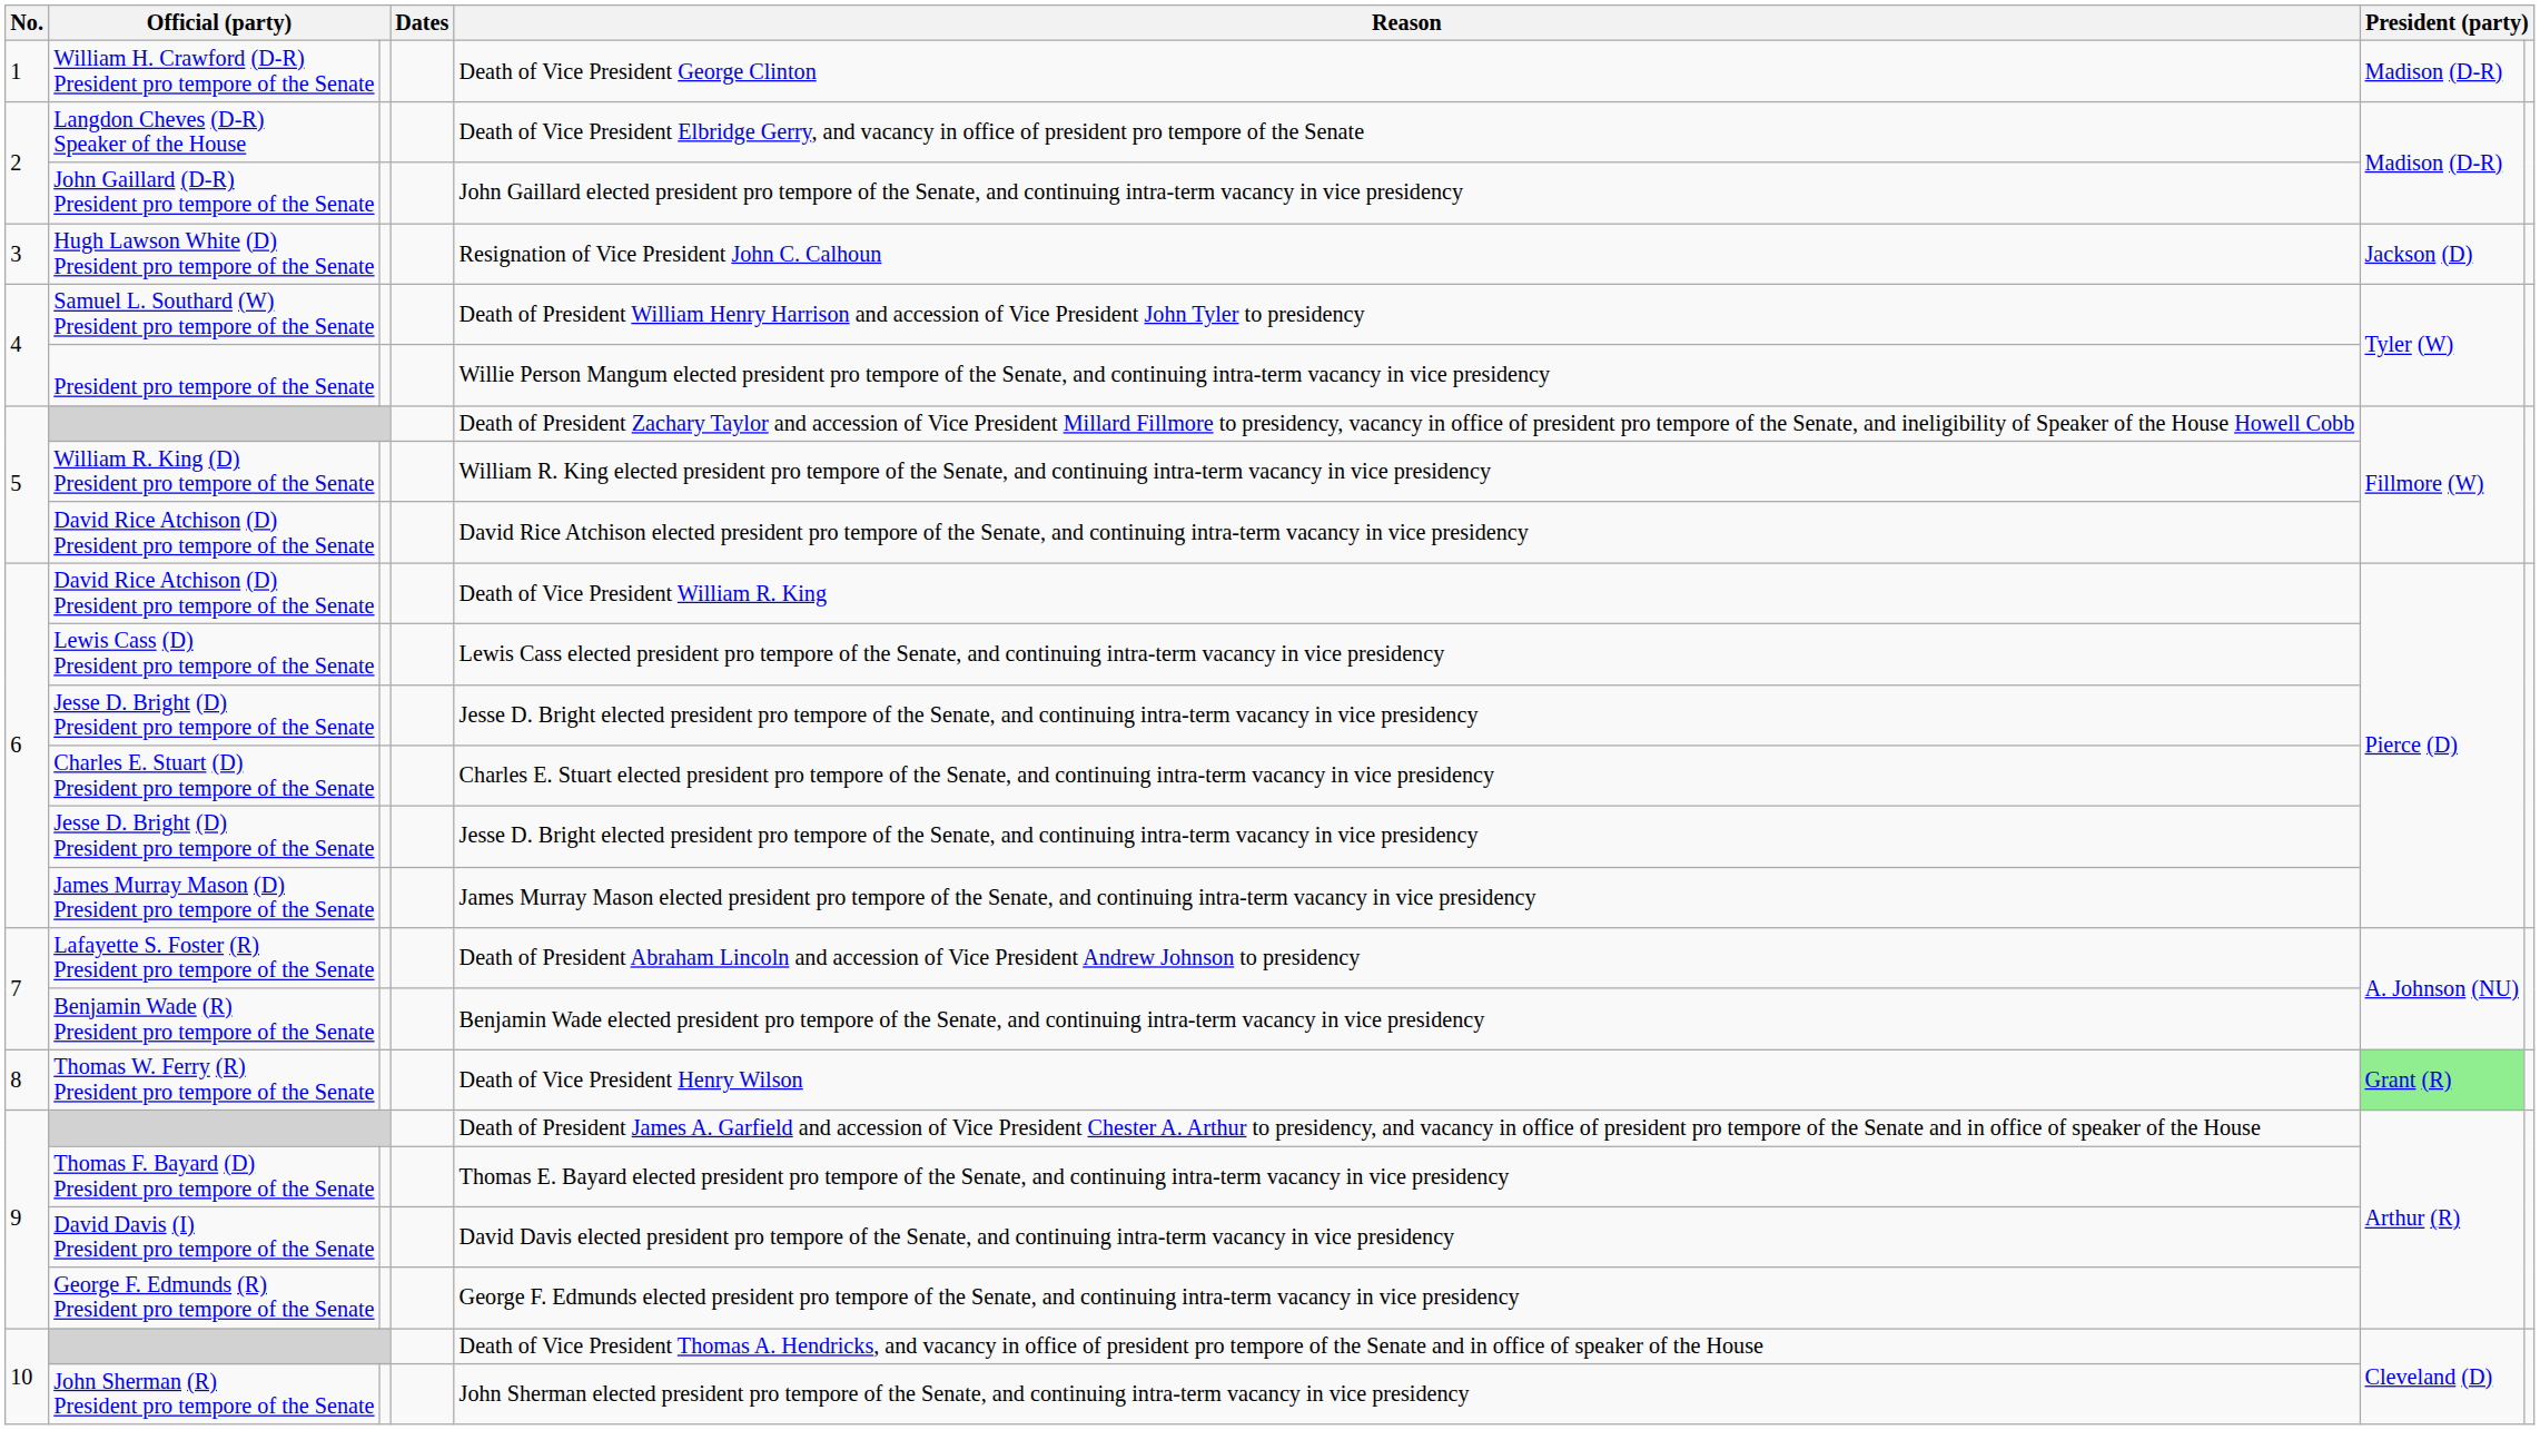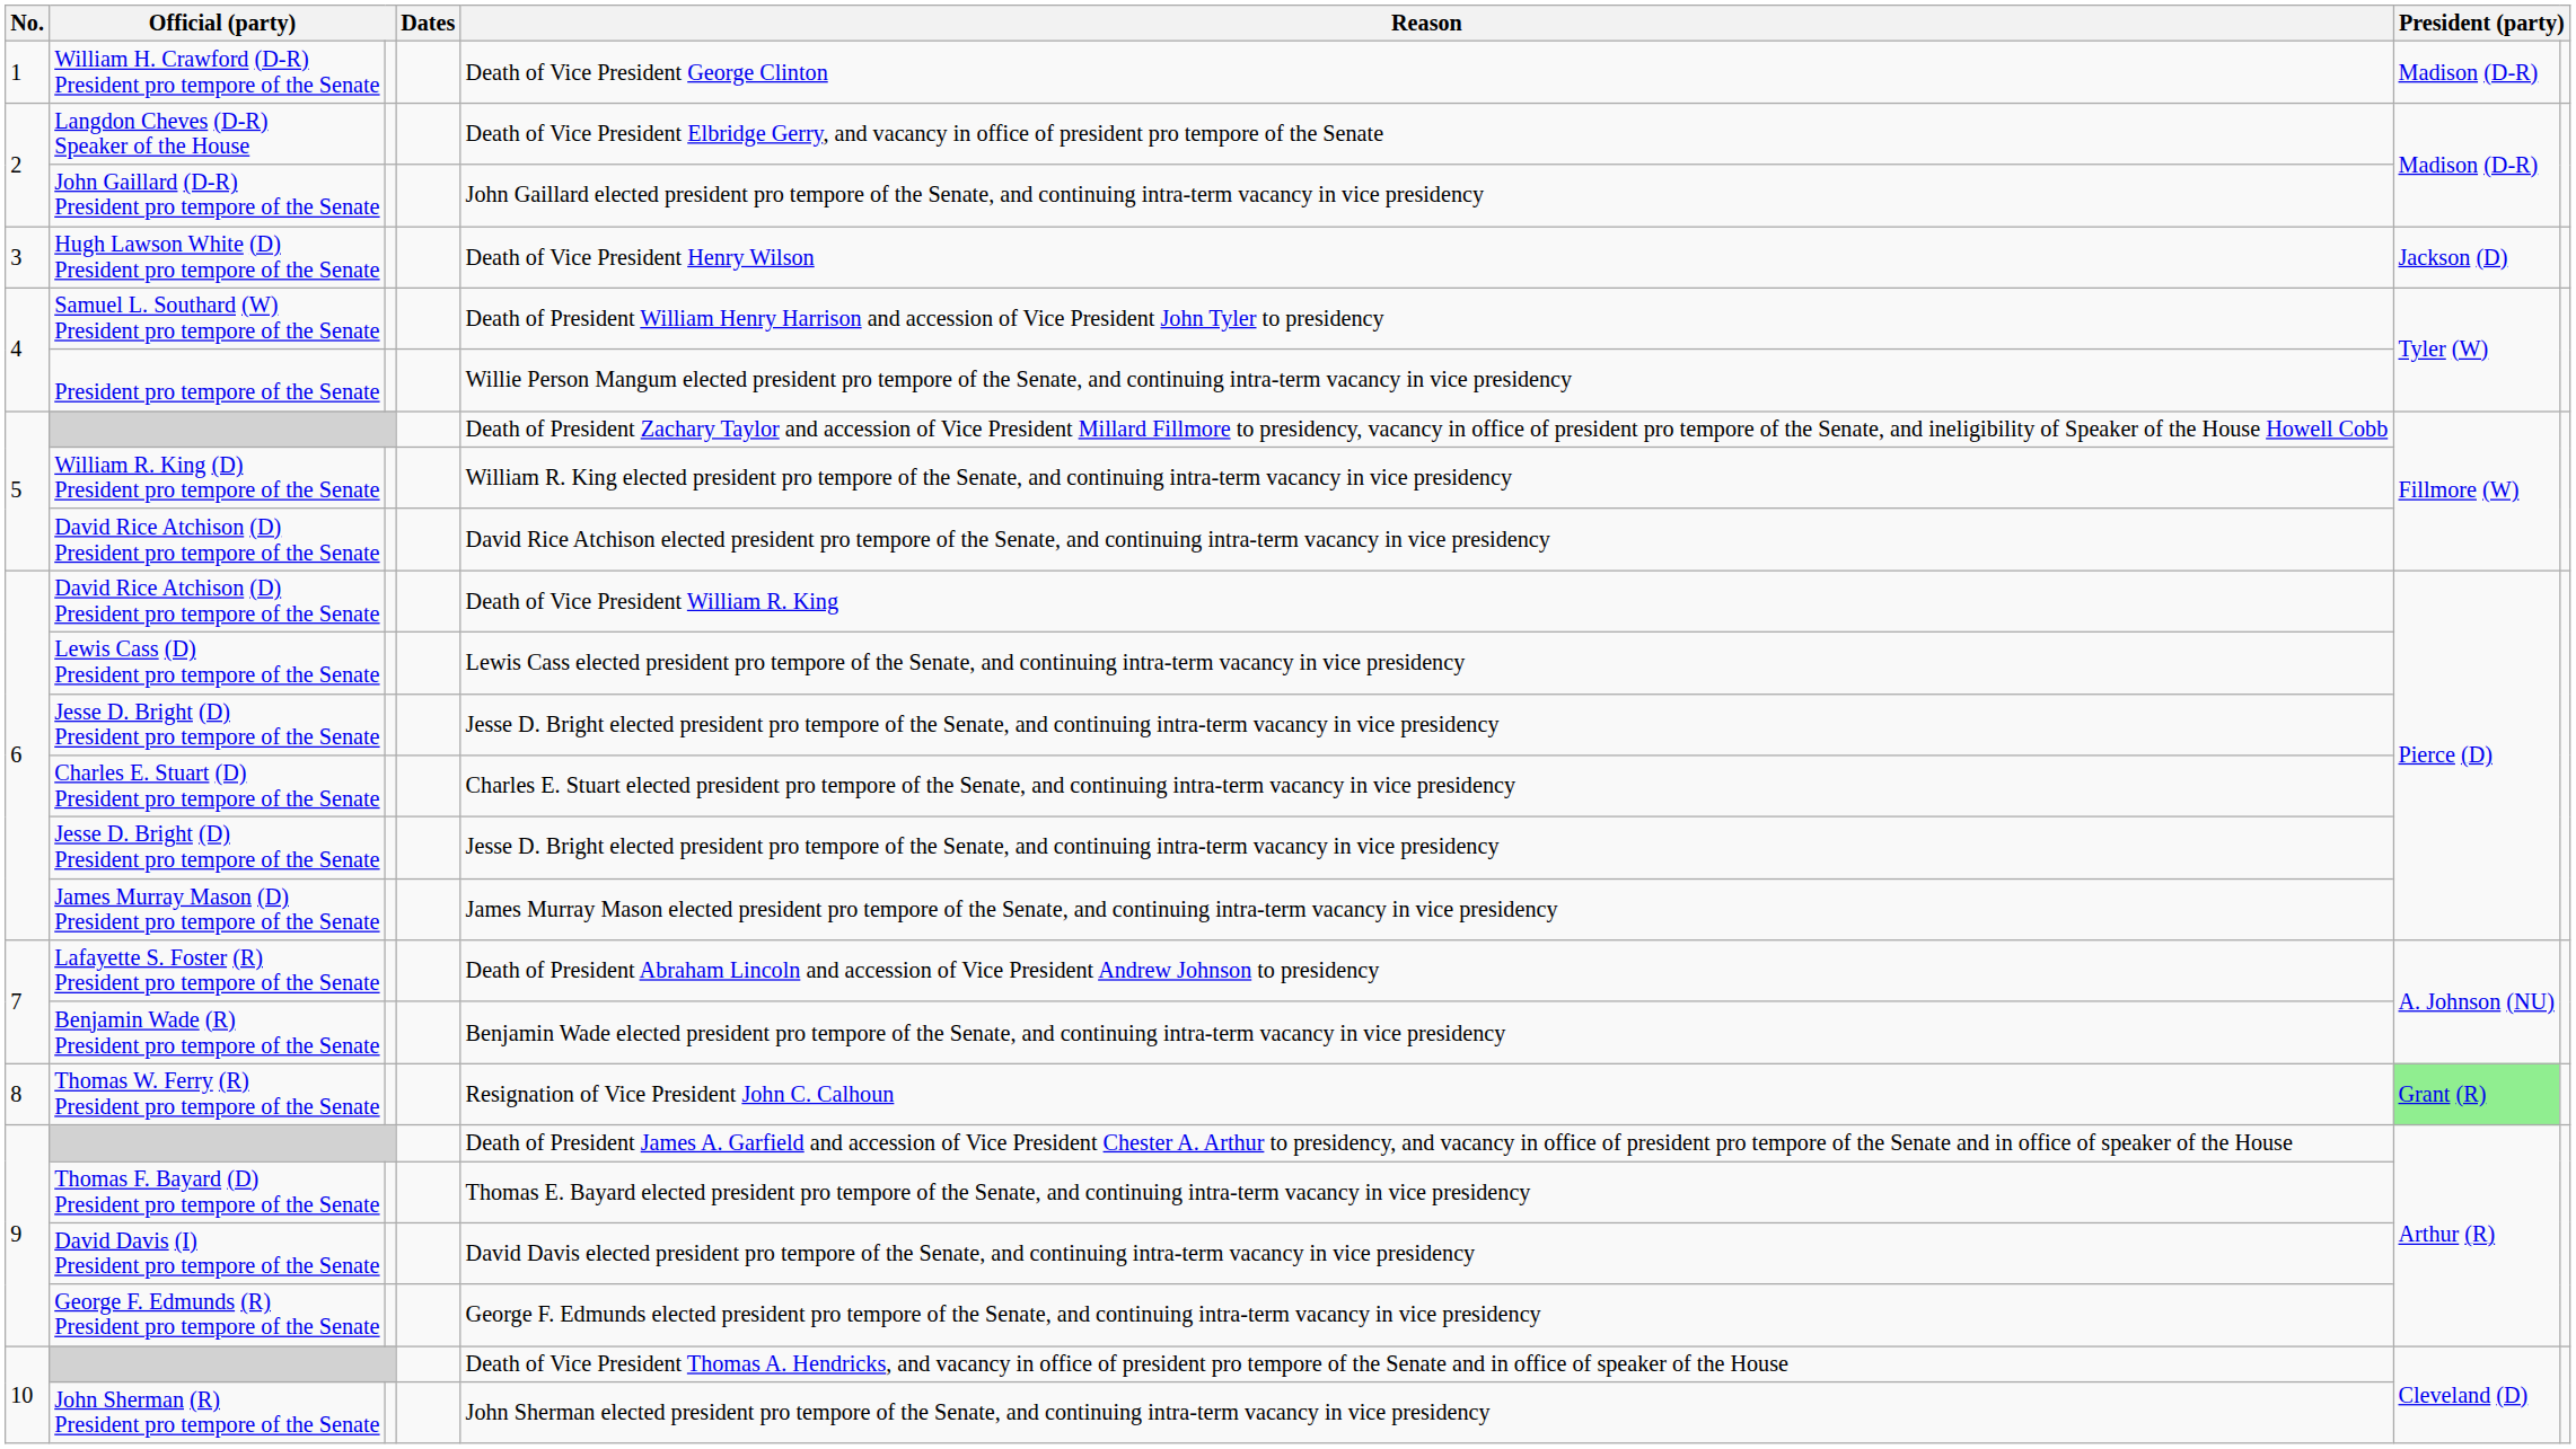 <table class=wikitable>
 <tr>
 <th><abbr>No.</abbr></th>
 <th colspan=2>Official (party)</th>
 <th>Dates</th>
 <th>Reason</th>
 <th colspan=2>President (party)</th>
 </tr>
 <tr>
 <td>1</td>
 <td><a href='#'>William H. Crawford</a> <a href='#'>(D-R)</a><br><a href='#'>President pro tempore of the Senate</a></td>
 <td style="background-color:"></td>
 <td nowrap></td>
 <td>Death of Vice President <a href='#'>George Clinton</a></td>
 <td><a href='#'>Madison</a> <a href='#'>(D-R)</a></td>
 <td style="background-color:"></td>
 </tr>
 <tr>
 <td rowspan=2>2</td>
 <td><a href='#'>Langdon Cheves</a> <a href='#'>(D-R)</a><br><a href='#'>Speaker of the House</a></td>
 <td style="background-color:"></td>
 <td nowrap></td>
 <td>Death of Vice President <a href='#'>Elbridge Gerry</a>, and vacancy in office of president pro tempore of the Senate</td>
 <td rowspan=2><a href='#'>Madison</a> <a href='#'>(D-R)</a></td>
 <td rowspan=2 style="background-color:"></td>
 </tr>
 <tr>
 <td><a href='#'>John Gaillard</a> <a href='#'>(D-R)</a><br><a href='#'>President pro tempore of the Senate</a></td>
 <td style="background-color:"></td>
 <td nowrap></td>
 <td>John Gaillard elected president pro tempore of the Senate, and continuing intra-term vacancy in vice presidency</td>
 </tr>
 <tr>
 <td>3</td>
 <td><a href='#'>Hugh Lawson White</a> <a href='#'>(D)</a><br><a href='#'>President pro tempore of the Senate</a></td>
 <td style="background: "></td>
 <td nowrap></td>
-<td>Resignation of Vice President <a href='#'>John C. Calhoun</a></td>
+<td>Death of Vice President <a href='#'>Henry Wilson</a></td>
 <td><a href='#'>Jackson</a> <a href='#'>(D)</a></td>
 <td style="background: "></td>
 </tr>
 <tr>
 <td rowspan=2>4</td>
 <td><a href='#'>Samuel L. Southard</a> <a href='#'>(W)</a><br><a href='#'>President pro tempore of the Senate</a></td>
 <td style="background-color:"></td>
 <td nowrap></td>
 <td>Death of President <a href='#'>William Henry Harrison</a> and accession of Vice President <a href='#'>John Tyler</a> to presidency</td>
 <td rowspan=2><a href='#'>Tyler</a> <a href='#'>(W)</a></td>
 <td rowspan=2 style="background-color:"></td>
 </tr>
 <tr>
 <td><br><a href='#'>President pro tempore of the Senate</a></td>
 <td style="background-color:"></td>
 <td nowrap></td>
 <td>Willie Person Mangum elected president pro tempore of the Senate, and continuing intra-term vacancy in vice presidency</td>
 </tr>
 <tr>
 <td rowspan=3>5</td>
 <td colspan=2 style="background:#d2d2d2"></td>
 <td nowrap></td>
 <td>Death of President <a href='#'>Zachary Taylor</a> and accession of Vice President <a href='#'>Millard Fillmore</a> to presidency, vacancy in office of president pro tempore of the Senate, and ineligibility of Speaker of the House <a href='#'>Howell Cobb</a></td>
 <td rowspan=3><a href='#'>Fillmore</a> <a href='#'>(W)</a></td>
 <td rowspan=3 style="background-color:"></td>
 </tr>
 <tr>
 <td><a href='#'>William R. King</a> <a href='#'>(D)</a><br><a href='#'>President pro tempore of the Senate</a></td>
 <td style="background: "></td>
 <td nowrap></td>
 <td>William R. King elected president pro tempore of the Senate, and continuing intra-term vacancy in vice presidency</td>
 </tr>
 <tr>
 <td><a href='#'>David Rice Atchison</a> <a href='#'>(D)</a><br><a href='#'>President pro tempore of the Senate</a></td>
 <td style="background: "></td>
 <td nowrap></td>
 <td>David Rice Atchison elected president pro tempore of the Senate, and continuing intra-term vacancy in vice presidency</td>
 </tr>
 <tr>
 <td rowspan=6>6</td>
 <td><a href='#'>David Rice Atchison</a> <a href='#'>(D)</a><br><a href='#'>President pro tempore of the Senate</a></td>
 <td style="background: "></td>
 <td nowrap></td>
 <td>Death of Vice President <a href='#'>William R. King</a></td>
 <td rowspan=6><a href='#'>Pierce</a> <a href='#'>(D)</a></td>
 <td rowspan=6 style="background: "></td>
 </tr>
 <tr>
 <td><a href='#'>Lewis Cass</a> <a href='#'>(D)</a><br><a href='#'>President pro tempore of the Senate</a></td>
 <td style="background: "></td>
 <td nowrap></td>
 <td>Lewis Cass elected president pro tempore of the Senate, and continuing intra-term vacancy in vice presidency</td>
 </tr>
 <tr>
 <td><a href='#'>Jesse D. Bright</a> <a href='#'>(D)</a><br><a href='#'>President pro tempore of the Senate</a></td>
 <td style="background: "></td>
 <td nowrap></td>
 <td>Jesse D. Bright elected president pro tempore of the Senate, and continuing intra-term vacancy in vice presidency</td>
 </tr>
 <tr>
 <td><a href='#'>Charles E. Stuart</a> <a href='#'>(D)</a><br><a href='#'>President pro tempore of the Senate</a></td>
 <td style="background: "></td>
 <td nowrap></td>
 <td>Charles E. Stuart elected president pro tempore of the Senate, and continuing intra-term vacancy in vice presidency</td>
 </tr>
 <tr>
 <td><a href='#'>Jesse D. Bright</a> <a href='#'>(D)</a><br><a href='#'>President pro tempore of the Senate</a></td>
 <td style="background: "></td>
 <td nowrap></td>
 <td>Jesse D. Bright elected president pro tempore of the Senate, and continuing intra-term vacancy in vice presidency</td>
 </tr>
 <tr>
 <td><a href='#'>James Murray Mason</a> <a href='#'>(D)</a><br><a href='#'>President pro tempore of the Senate</a></td>
 <td style="background: "></td>
 <td nowrap></td>
 <td>James Murray Mason elected president pro tempore of the Senate, and continuing intra-term vacancy in vice presidency</td>
 </tr>
 <tr>
 <td rowspan=2>7</td>
 <td><a href='#'>Lafayette S. Foster</a> <a href='#'>(R)</a><br><a href='#'>President pro tempore of the Senate</a></td>
 <td style="background-color:"></td>
 <td nowrap></td>
 <td>Death of President <a href='#'>Abraham Lincoln</a> and accession of Vice President <a href='#'>Andrew Johnson</a> to presidency</td>
 <td rowspan=2 nowrap><a href='#'>A. Johnson</a> <a href='#'>(NU)</a></td>
 <td rowspan=2 style="background: "></td>
 </tr>
 <tr>
 <td><a href='#'>Benjamin Wade</a> <a href='#'>(R)</a><br><a href='#'>President pro tempore of the Senate</a></td>
 <td style="background-color:"></td>
 <td nowrap></td>
 <td>Benjamin Wade elected president pro tempore of the Senate, and continuing intra-term vacancy in vice presidency</td>
 </tr>
 <tr>
 <td>8</td>
 <td><a href='#'>Thomas W. Ferry</a> <a href='#'>(R)</a><br><a href='#'>President pro tempore of the Senate</a></td>
 <td style="background-color:"></td>
 <td nowrap></td>
-<td>Death of Vice President <a href='#'>Henry Wilson</a></td>
+<td>Resignation of Vice President <a href='#'>John C. Calhoun</a></td>
 <td style="background: lightgreen;"><a href='#'>Grant</a> <a href='#'>(R)</a></td>
 <td style="background-color:"></td>
 </tr>
 <tr>
 <td rowspan=4>9</td>
 <td colspan=2 style="background:#d2d2d2"></td>
 <td nowrap></td>
 <td>Death of President <a href='#'>James A. Garfield</a> and accession of Vice President <a href='#'>Chester A. Arthur</a> to presidency, and vacancy in office of president pro tempore of the Senate and in office of speaker of the House</td>
 <td rowspan= 4><a href='#'>Arthur</a> <a href='#'>(R)</a></td>
 <td rowspan=4 style="background-color:"></td>
 </tr>
 <tr>
 <td><a href='#'>Thomas F. Bayard</a> <a href='#'>(D)</a><br><a href='#'>President pro tempore of the Senate</a></td>
 <td style="background: "></td>
 <td></td>
 <td>Thomas E. Bayard elected president pro tempore of the Senate, and continuing intra-term vacancy in vice presidency</td>
 </tr>
 <tr>
 <td><a href='#'>David Davis</a> <a href='#'>(I)</a><br><a href='#'>President pro tempore of the Senate</a></td>
 <td style="background: "></td>
 <td nowrap></td>
 <td>David Davis elected president pro tempore of the Senate, and continuing intra-term vacancy in vice presidency</td>
 </tr>
 <tr>
 <td><a href='#'>George F. Edmunds</a> <a href='#'>(R)</a><br><a href='#'>President pro tempore of the Senate</a></td>
 <td style="background-color:"></td>
 <td nowrap></td>
 <td>George F. Edmunds elected president pro tempore of the Senate, and continuing intra-term vacancy in vice presidency</td>
 </tr>
 <tr>
 <td rowspan=2>10</td>
 <td colspan=2 style="background:#d2d2d2"></td>
 <td nowrap></td>
 <td>Death of Vice President <a href='#'>Thomas A. Hendricks</a>, and vacancy in office of president pro tempore of the Senate and in office of speaker of the House</td>
 <td rowspan=2><a href='#'>Cleveland</a> <a href='#'>(D)</a></td>
 <td rowspan=2 style="background-color:"></td>
 </tr>
 <tr>
 <td><a href='#'>John Sherman</a> <a href='#'>(R)</a><br><a href='#'>President pro tempore of the Senate</a></td>
 <td style="background-color:"></td>
 <td nowrap></td>
 <td>John Sherman elected president pro tempore of the Senate, and continuing intra-term vacancy in vice presidency</td>
 </tr>
 </table>
